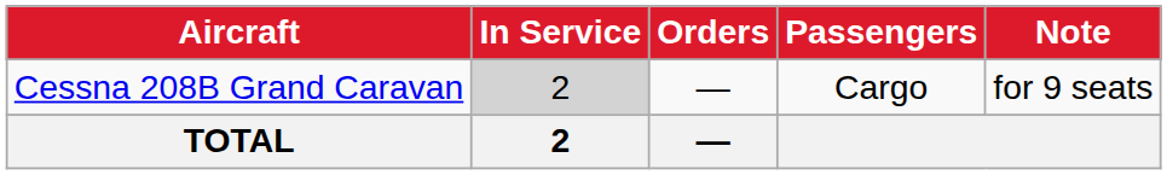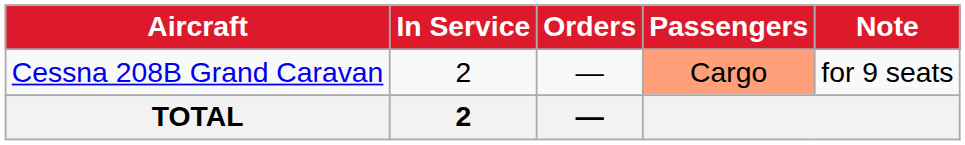 <table Class="wikitable" style= "text-align:center; margin: 1em auto;">
 <tr>
 <th style="background:#dd1a2b; color:white;">Aircraft</th>
 <th style="background:#dd1a2b; color:white;">In Service</th>
 <th style="background:#dd1a2b; color:white;">Orders</th>
 <th style="background:#dd1a2b; color:white;">Passengers</th>
 <th style="background:#dd1a2b; color:white;">Note</th>
 </tr>
 <tr>
 <td rowspan="1"><a href='#'>Cessna 208B Grand Caravan</a></td>
-<td rowspan="1" style="background: lightgrey;">2</td>
+<td rowspan="1">2</td>
 <td rowspan="1">—</td>
-<td rowspan="1"><abbr>Cargo</abbr></td>
+<td rowspan="1" style="background: lightsalmon;"><abbr>Cargo</abbr></td>
 <td> for 9  seats</td>
 </tr>
 <tr>
 <th>TOTAL</th>
 <th>2</th>
 <th>—</th>
 <th colspan="3"></th>
 </tr>
 </table>
